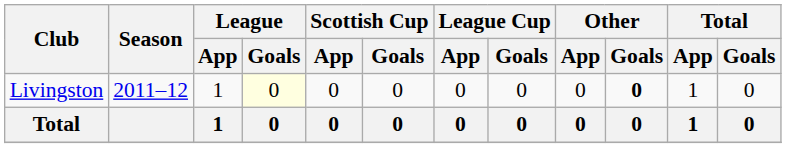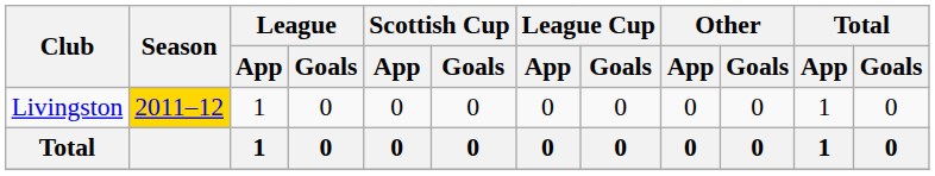 <table class="wikitable">
 <tr>
 <th rowspan=2>Club</th>
 <th rowspan=2>Season</th>
 <th colspan=2>League</th>
 <th colspan=2>Scottish Cup</th>
 <th colspan=2>League Cup</th>
 <th colspan=2>Other</th>
 <th colspan=2>Total</th>
 </tr>
 <tr>
 <th>App</th>
 <th>Goals</th>
 <th>App</th>
 <th>Goals</th>
 <th>App</th>
 <th>Goals</th>
 <th>App</th>
 <th>Goals</th>
 <th>App</th>
 <th>Goals</th>
 </tr>
 <tr align=center>
 <td rowspan=1><a href='#'>Livingston</a></td>
-<td><a href='#'>2011–12</a></td>
+<td style="background: gold;"><a href='#'>2011–12</a></td>
 <td>1</td>
-<td style="background: lightyellow;">0</td>
 <td>0</td>
 <td>0</td>
 <td>0</td>
 <td>0</td>
 <td>0</td>
-<td><strong>0</strong></td>
+<td>0</td>
+<td>0</td>
 <td>1</td>
 <td>0</td>
 </tr>
 <tr align=center>
 <th>Total</th>
 <th></th>
 <th>1</th>
 <th>0</th>
 <th>0</th>
 <th>0</th>
 <th>0</th>
 <th>0</th>
 <th>0</th>
 <th>0</th>
 <th>1</th>
 <th>0</th>
 </tr>
 <tr>
 </tr>
 </table>
